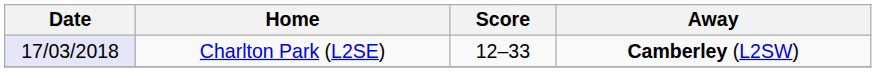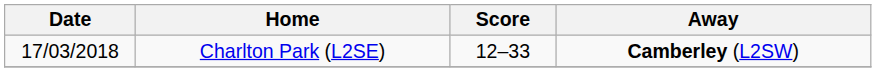 <table class="wikitable" style="text-align: center">
 <tr>
 <th width=100>Date</th>
 <th width=250>Home</th>
 <th width=80>Score</th>
 <th width=250>Away</th>
 </tr>
 <tr>
-<td style="background: lavender;">17/03/2018</td>
+<td>17/03/2018</td>
 <td><a href='#'>Charlton Park</a> (<a href='#'>L2SE</a>)</td>
 <td>12–33</td>
 <td><strong>Camberley</strong> (<a href='#'>L2SW</a>)</td>
 </tr>
 <tr>
 </tr>
 </table>
